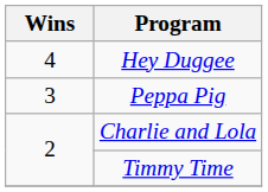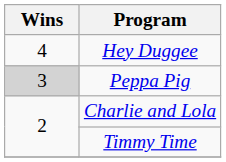 <table class="wikitable" style="text-align:center;">
 <tr>
 <th scope="col" style="width:55px;">Wins</th>
 <th scope="col" style="text-align:center;">Program</th>
 </tr>
 <tr>
 <td style="text-align:center;">4</td>
 <td><em><a href='#'>Hey Duggee</a></em></td>
 </tr>
 <tr>
-<td style="text-align:center;">3</td>
+<td style="background: lightgrey; text-align:center;">3</td>
 <td><em><a href='#'>Peppa Pig</a></em></td>
 </tr>
 <tr>
 <td rowspan="2" style="text-align:center;">2</td>
 <td><em><a href='#'>Charlie and Lola</a></em></td>
 </tr>
 <tr>
 <td><em><a href='#'>Timmy Time</a></em></td>
 </tr>
 <tr>
 </tr>
 </table>
